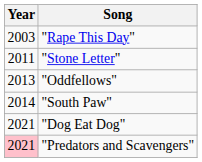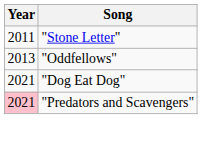 <table class="wikitable">
 <tr>
 <th>Year</th>
 <th>Song</th>
-</tr>
-<tr>
-<td style="text-align:center;">2003</td>
-<td>"<a href='#'>Rape This Day</a>"</td>
 </tr>
 <tr>
 <td style="text-align:center;">2011</td>
 <td>"<a href='#'>Stone Letter</a>"</td>
 </tr>
 <tr>
 <td style="text-align:center;">2013</td>
 <td>"Oddfellows"</td>
 </tr>
 <tr>
-<td style="text-align:center;">2014</td>
-<td>"South Paw"</td>
-</tr>
-<tr>
 <td style="text-align:center;">2021</td>
 <td>"Dog Eat Dog"</td>
 </tr>
 <tr>
 <td style="background: pink; text-align:center;">2021</td>
 <td>"Predators and Scavengers"</td>
 </tr>
 </table>
